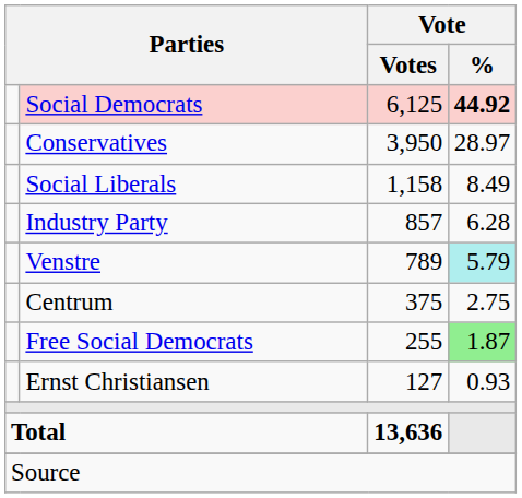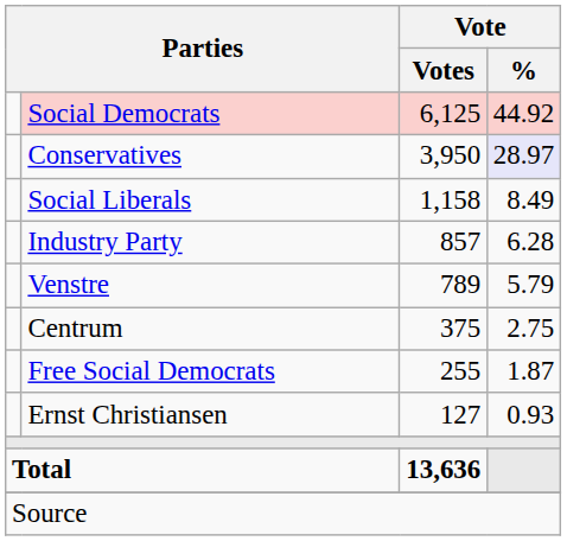 <table class="wikitable" style="text-align:right;">
 <tr>
 <th style="text-align:centre;" rowspan="2" colspan="2" width="225">Parties</th>
 <th colspan="3">Vote</th>
 </tr>
 <tr>
 <th width="15">Votes</th>
 <th width="15">%</th>
 </tr>
 <tr>
 <td width="2" style="color:inherit;background:"></td>
 <td bgcolor=#fbd0ce  align="left"><a href='#'>Social Democrats</a></td>
 <td bgcolor=#fbd0ce>6,125</td>
-<td bgcolor=#fbd0ce><strong>44.92</strong></td>
+<td bgcolor=#fbd0ce>44.92</td>
 </tr>
 <tr>
 <td width="2" style="color:inherit;background:"></td>
 <td align="left"><a href='#'>Conservatives</a></td>
 <td>3,950</td>
-<td>28.97</td>
+<td style="background: lavender;">28.97</td>
 </tr>
 <tr>
 <td width="2" style="color:inherit;background:"></td>
 <td align="left"><a href='#'>Social Liberals</a></td>
 <td>1,158</td>
 <td>8.49</td>
 </tr>
 <tr>
 <td width="2" style="color:inherit;background:"></td>
 <td align="left"><a href='#'>Industry Party</a></td>
 <td>857</td>
 <td>6.28</td>
 </tr>
 <tr>
 <td width="2" style="color:inherit;background:"></td>
 <td align="left"><a href='#'>Venstre</a></td>
 <td>789</td>
-<td style="background: paleturquoise;">5.79</td>
+<td>5.79</td>
 </tr>
 <tr>
 <td width="2" style="color:inherit;background:"></td>
 <td align="left">Centrum</td>
 <td>375</td>
 <td>2.75</td>
 </tr>
 <tr>
 <td width="2" style="color:inherit;background:"></td>
 <td align="left"><a href='#'>Free Social Democrats</a></td>
 <td>255</td>
-<td style="background: lightgreen;">1.87</td>
+<td>1.87</td>
 </tr>
 <tr>
 <td width="2" style="color:inherit;background:"></td>
 <td align="left">Ernst Christiansen</td>
 <td>127</td>
 <td>0.93</td>
 </tr>
 <tr>
 <td colspan="7" bgcolor="#E9E9E9"></td>
 </tr>
 <tr>
 <td align="left" colspan="2"><strong>Total</strong></td>
 <td><strong>13,636</strong></td>
 <td bgcolor="#E9E9E9" colspan="2"></td>
 </tr>
 <tr>
 </tr>
 <tr>
 <td align="left" colspan="6">Source</td>
 </tr>
 </table>
